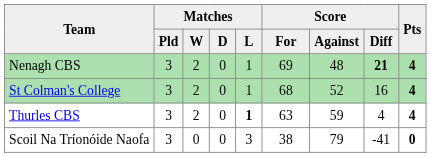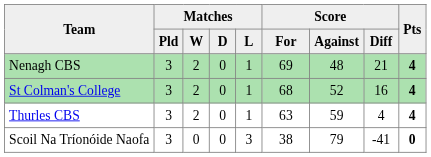 <table style=border-collapse:collapse border=1 cellspacing=0 cellpadding=5>
 <tr align=center bgcolor=#efefef>
 <th rowspan=2 width=165>Team</th>
 <th colspan=4>Matches</th>
 <th colspan=3>Score</th>
 <th rowspan=2width=20>Pts</th>
 </tr>
 <tr align=center bgcolor=#efefef>
 <th width=20>Pld</th>
 <th width=20>W</th>
 <th width=20>D</th>
 <th width=20>L</th>
 <th width=45>For</th>
 <th width=45>Against</th>
 <th width=30>Diff</th>
 </tr>
 <tr align=center style="background:#ACE1AF;">
 <td style="text-align:left;">Nenagh CBS</td>
 <td>3</td>
 <td>2</td>
 <td>0</td>
 <td>1</td>
 <td>69</td>
 <td>48</td>
-<td><strong>21</strong></td>
+<td>21</td>
 <td><strong>4</strong></td>
 </tr>
 <tr align=center style="background:#ACE1AF;">
 <td style="text-align:left;"><a href='#'>St Colman's College</a></td>
 <td>3</td>
 <td>2</td>
 <td>0</td>
 <td>1</td>
 <td>68</td>
 <td>52</td>
 <td>16</td>
 <td><strong>4</strong></td>
 </tr>
 <tr align=center>
 <td style="text-align:left;"><a href='#'>Thurles CBS</a></td>
 <td>3</td>
 <td>2</td>
 <td>0</td>
-<td><strong>1</strong></td>
+<td>1</td>
 <td>63</td>
 <td>59</td>
 <td>4</td>
 <td><strong>4</strong></td>
 </tr>
 <tr align=center>
 <td style="text-align:left;">Scoil Na Tríonóide Naofa</td>
 <td>3</td>
 <td>0</td>
 <td>0</td>
 <td>3</td>
 <td>38</td>
 <td>79</td>
 <td>-41</td>
 <td><strong>0</strong></td>
 </tr>
 </table>
